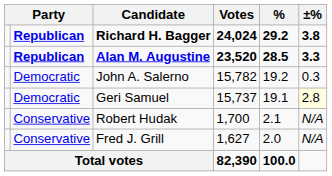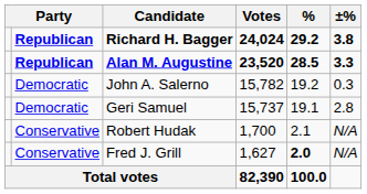 <table class="wikitable">
 <tr>
 <th colspan="2">Party</th>
 <th>Candidate</th>
 <th>Votes</th>
 <th>%</th>
 <th>±%</th>
 </tr>
 <tr>
 <td></td>
 <td><strong><a href='#'>Republican</a></strong></td>
 <td><strong>Richard H. Bagger</strong></td>
 <td><strong>24,024</strong></td>
 <td><strong>29.2</strong></td>
 <td><strong>3.8</strong></td>
 </tr>
 <tr>
 <td></td>
 <td><strong><a href='#'>Republican</a></strong></td>
 <td><strong><a href='#'>Alan M. Augustine</a></strong></td>
 <td><strong>23,520</strong></td>
 <td><strong>28.5</strong></td>
 <td><strong>3.3</strong></td>
 </tr>
 <tr>
 <td></td>
 <td><a href='#'>Democratic</a></td>
 <td>John A. Salerno</td>
 <td>15,782</td>
 <td>19.2</td>
 <td>0.3</td>
 </tr>
 <tr>
 <td></td>
 <td><a href='#'>Democratic</a></td>
 <td>Geri Samuel</td>
 <td>15,737</td>
 <td>19.1</td>
-<td style="background: lightyellow;">2.8</td>
+<td>2.8</td>
 </tr>
 <tr>
 <td></td>
 <td><a href='#'>Conservative</a></td>
 <td>Robert Hudak</td>
 <td>1,700</td>
 <td>2.1</td>
 <td><em>N/A</em></td>
 </tr>
 <tr>
 <td></td>
 <td><a href='#'>Conservative</a></td>
 <td>Fred J. Grill</td>
 <td>1,627</td>
-<td>2.0</td>
+<td><strong>2.0</strong></td>
 <td><em>N/A</em></td>
 </tr>
 <tr>
 <th colspan="3">Total votes</th>
 <td><strong>82,390</strong></td>
 <td><strong>100.0</strong></td>
 <td></td>
 </tr>
 </table>
